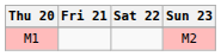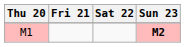 <table class="wikitable" style="margin:0.5em auto; font-size:90%; line-height:1.25em;">
 <tr align="center">
 <th>Thu 20</th>
 <th>Fri 21</th>
 <th>Sat 22</th>
 <th>Sun 23</th>
 </tr>
 <tr>
 </tr>
 <tr align="center">
 <td bgcolor="#FFBBBB">M1</td>
 <td></td>
 <td></td>
-<td bgcolor="#FFBBBB">M2</td>
+<td bgcolor="#FFBBBB"><strong>M2</strong></td>
 </tr>
 </table>
